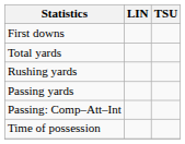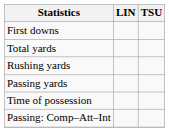 <table class="wikitable" style="float: left;">
 <tr>
 <th>Statistics</th>
 <th>LIN</th>
 <th>TSU</th>
 </tr>
 <tr>
 <td>First downs</td>
 <td></td>
 <td></td>
 </tr>
 <tr>
 <td>Total yards</td>
 <td></td>
 <td></td>
 </tr>
 <tr>
 <td>Rushing yards</td>
 <td></td>
 <td></td>
 </tr>
 <tr>
 <td>Passing yards</td>
 <td></td>
 <td></td>
 </tr>
 <tr>
-<td>Passing: Comp–Att–Int</td>
+<td>Time of possession</td>
 <td></td>
 <td></td>
 </tr>
 <tr>
-<td>Time of possession</td>
+<td>Passing: Comp–Att–Int</td>
 <td></td>
 <td></td>
 </tr>
 <tr>
 </tr>
 </table>
